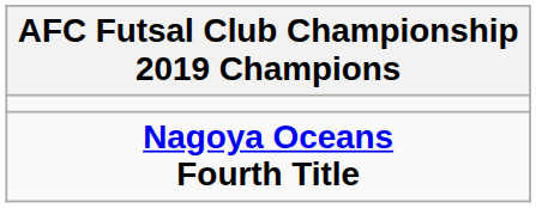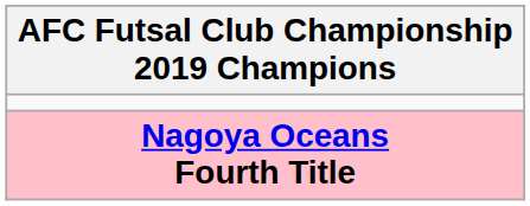 <table class="wikitable" style="text-align: center; margin: 0 auto; width: 20%">
 <tr>
 <th>AFC Futsal Club Championship<br> 2019 Champions</th>
 </tr>
 <tr>
 <td></td>
 </tr>
 <tr>
-<td><strong><a href='#'>Nagoya Oceans</a></strong><br><strong>Fourth Title</strong></td>
+<td style="background: pink;"><strong><a href='#'>Nagoya Oceans</a></strong><br><strong>Fourth Title</strong></td>
 </tr>
 </table>
